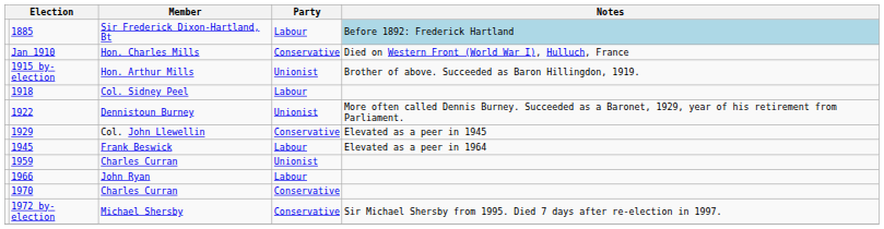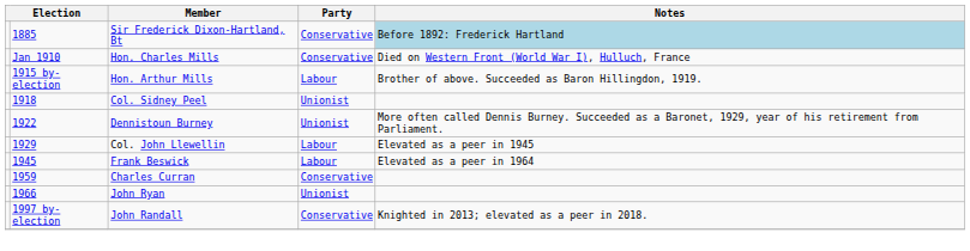 <table class="wikitable">
 <tr>
 <th colspan="2">Election</th>
 <th>Member</th>
 <th>Party</th>
 <th>Notes</th>
 </tr>
 <tr>
 <td style="color:inherit;background-color: "></td>
 <td><a href='#'>1885</a></td>
 <td><a href='#'>Sir Frederick Dixon-Hartland, Bt</a></td>
-<td><a href='#'>Labour</a></td>
+<td><a href='#'>Conservative</a></td>
 <td style="background: lightblue;">Before 1892: Frederick Hartland</td>
 </tr>
 <tr>
 <td style="color:inherit;background-color: "></td>
 <td><a href='#'>Jan 1910</a></td>
 <td><a href='#'>Hon. Charles Mills</a></td>
 <td><a href='#'>Conservative</a></td>
 <td>Died on <a href='#'>Western Front (World War I)</a>, <a href='#'>Hulluch</a>, France</td>
 </tr>
 <tr>
 <td style="color:inherit;background-color: "></td>
 <td><a href='#'>1915 by-election</a></td>
 <td><a href='#'>Hon. Arthur Mills</a></td>
-<td><a href='#'>Unionist</a></td>
+<td><a href='#'>Labour</a></td>
 <td>Brother of above.  Succeeded as Baron Hillingdon, 1919.</td>
 </tr>
 <tr>
 <td style="color:inherit;background-color: "></td>
 <td><a href='#'>1918</a></td>
 <td><a href='#'>Col. Sidney Peel</a></td>
-<td><a href='#'>Labour</a></td>
+<td><a href='#'>Unionist</a></td>
 <td></td>
 </tr>
 <tr>
 <td style="color:inherit;background-color: "></td>
 <td><a href='#'>1922</a></td>
 <td><a href='#'>Dennistoun Burney</a></td>
 <td><a href='#'>Unionist</a></td>
 <td>More often called Dennis Burney.  Succeeded as a Baronet, 1929, year of his retirement from Parliament.</td>
 </tr>
 <tr>
 <td style="color:inherit;background-color: "></td>
 <td><a href='#'>1929</a></td>
 <td>Col. <a href='#'>John Llewellin</a></td>
-<td><a href='#'>Conservative</a></td>
+<td><a href='#'>Labour</a></td>
 <td>Elevated as a peer in 1945</td>
 </tr>
 <tr>
 <td style="color:inherit;background-color: "></td>
 <td><a href='#'>1945</a></td>
 <td><a href='#'>Frank Beswick</a></td>
 <td><a href='#'>Labour</a></td>
 <td>Elevated as a peer in 1964</td>
 </tr>
 <tr>
 <td style="color:inherit;background-color: "></td>
 <td><a href='#'>1959</a></td>
 <td><a href='#'>Charles Curran</a></td>
-<td><a href='#'>Unionist</a></td>
+<td><a href='#'>Conservative</a></td>
 <td></td>
 </tr>
 <tr>
 <td style="color:inherit;background-color: "></td>
 <td><a href='#'>1966</a></td>
 <td><a href='#'>John Ryan</a></td>
-<td><a href='#'>Labour</a></td>
+<td><a href='#'>Unionist</a></td>
 </tr>
 <tr>
 <td style="color:inherit;background-color: "></td>
-<td><a href='#'>1970</a></td>
-<td><a href='#'>Charles Curran</a></td>
+<td><a href='#'>1997 by-election</a></td>
+<td><a href='#'>John Randall</a></td>
 <td><a href='#'>Conservative</a></td>
-<td></td>
-</tr>
-<tr>
-<td style="color:inherit;background-color: "></td>
-<td><a href='#'>1972 by-election</a></td>
-<td><a href='#'>Michael Shersby</a></td>
-<td><a href='#'>Conservative</a></td>
-<td>Sir Michael Shersby from 1995. Died 7 days after re-election in 1997.</td>
+<td>Knighted in 2013; elevated as a peer in 2018.</td>
 </tr>
 <tr>
 </tr>
 </table>
